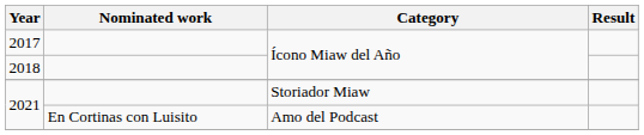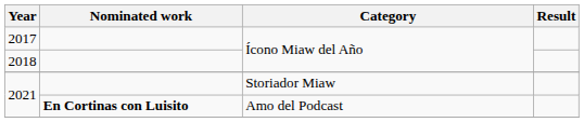 <table class="wikitable">
 <tr>
 <th width="10">Year</th>
 <th width="220">Nominated work</th>
 <th width="320">Category</th>
 <th width="30">Result</th>
 </tr>
 <tr>
 <td>2017</td>
 <td></td>
 <td rowspan="2">Ícono Miaw del Año</td>
 <td></td>
 </tr>
 <tr>
 <td>2018</td>
 <td></td>
 <td></td>
 </tr>
 <tr>
 </tr>
 <tr>
 <td rowspan="2">2021</td>
 <td></td>
 <td>Storiador Miaw</td>
 <td></td>
 </tr>
 <tr>
-<td>En Cortinas con Luisito</td>
+<td><strong>En Cortinas con Luisito</strong></td>
 <td>Amo del Podcast</td>
 <td></td>
 </tr>
 <tr>
 </tr>
 </table>
